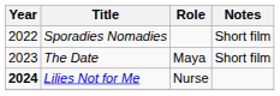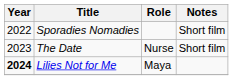 <table class="wikitable sortable">
 <tr>
 <th>Year</th>
 <th>Title</th>
 <th>Role</th>
 <th class="unsortable">Notes</th>
 </tr>
 <tr>
 <td>2022</td>
 <td><em>Sporadies Nomadies</em></td>
 <td></td>
 <td>Short film</td>
 </tr>
 <tr>
 <td>2023</td>
 <td><em>The Date</em></td>
-<td>Maya</td>
+<td>Nurse</td>
 <td>Short film</td>
 </tr>
 <tr>
 <td><strong>2024</strong></td>
 <td><em><a href='#'>Lilies Not for Me</a></em></td>
-<td>Nurse</td>
+<td>Maya</td>
 <td></td>
 </tr>
 <tr>
 </tr>
 </table>
